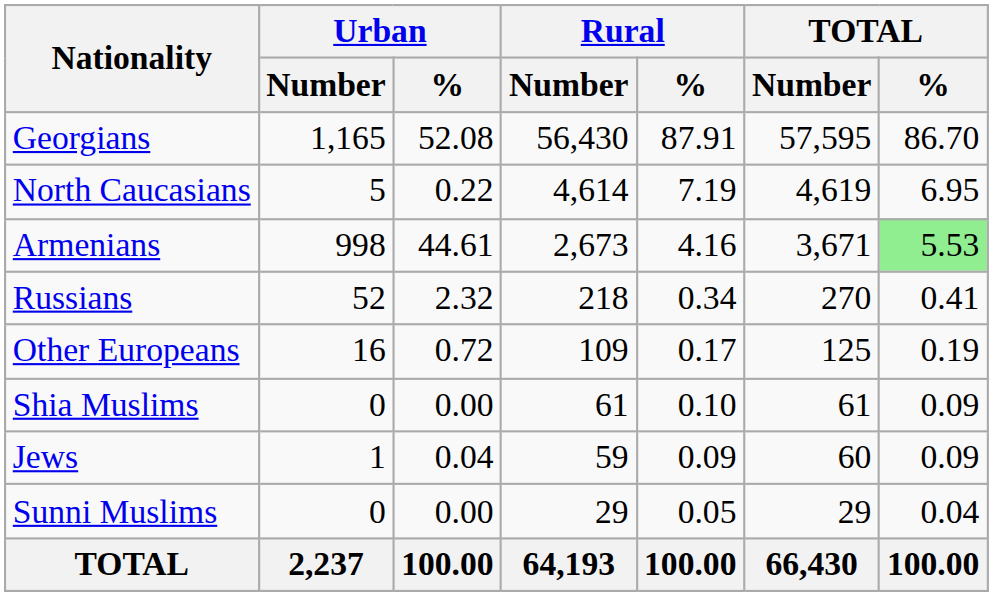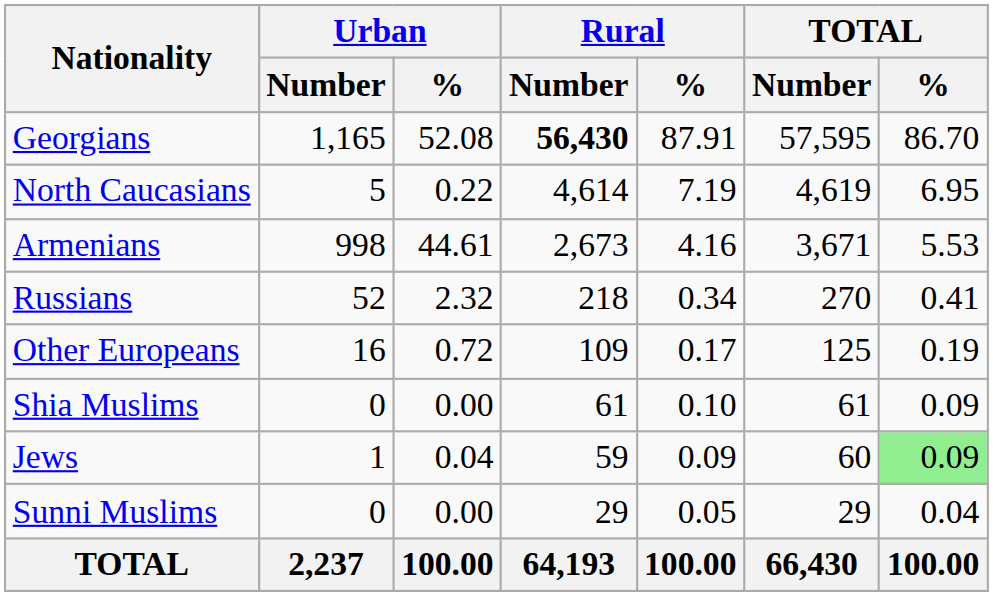 <table class="wikitable sortable">
 <tr>
 <th rowspan="2">Nationality</th>
 <th colspan="2"><a href='#'>Urban</a></th>
 <th colspan="2"><a href='#'>Rural</a></th>
 <th colspan="2">TOTAL</th>
 </tr>
 <tr>
 <th>Number</th>
 <th>%</th>
 <th>Number</th>
 <th>%</th>
 <th>Number</th>
 <th>%</th>
 </tr>
 <tr>
 <td><a href='#'>Georgians</a></td>
 <td align="right">1,165</td>
 <td align="right">52.08</td>
-<td align="right">56,430</td>
+<td align="right"><strong>56,430</strong></td>
 <td align="right">87.91</td>
 <td align="right">57,595</td>
 <td align="right">86.70</td>
 </tr>
 <tr>
 <td><a href='#'>North Caucasians</a></td>
 <td align="right">5</td>
 <td align="right">0.22</td>
 <td align="right">4,614</td>
 <td align="right">7.19</td>
 <td align="right">4,619</td>
 <td align="right">6.95</td>
 </tr>
 <tr>
 <td><a href='#'>Armenians</a></td>
 <td align="right">998</td>
 <td align="right">44.61</td>
 <td align="right">2,673</td>
 <td align="right">4.16</td>
 <td align="right">3,671</td>
-<td align="right" style="background: lightgreen;">5.53</td>
+<td align="right">5.53</td>
 </tr>
 <tr>
 <td><a href='#'>Russians</a></td>
 <td align="right">52</td>
 <td align="right">2.32</td>
 <td align="right">218</td>
 <td align="right">0.34</td>
 <td align="right">270</td>
 <td align="right">0.41</td>
 </tr>
 <tr>
 <td><a href='#'>Other Europeans</a></td>
 <td align="right">16</td>
 <td align="right">0.72</td>
 <td align="right">109</td>
 <td align="right">0.17</td>
 <td align="right">125</td>
 <td align="right">0.19</td>
 </tr>
 <tr>
 <td><a href='#'>Shia Muslims</a></td>
 <td align="right">0</td>
 <td align="right">0.00</td>
 <td align="right">61</td>
 <td align="right">0.10</td>
 <td align="right">61</td>
 <td align="right">0.09</td>
 </tr>
 <tr>
 <td><a href='#'>Jews</a></td>
 <td align="right">1</td>
 <td align="right">0.04</td>
 <td align="right">59</td>
 <td align="right">0.09</td>
 <td align="right">60</td>
-<td align="right">0.09</td>
+<td align="right" style="background: lightgreen;">0.09</td>
 </tr>
 <tr>
 <td><a href='#'>Sunni Muslims</a></td>
 <td align="right">0</td>
 <td align="right">0.00</td>
 <td align="right">29</td>
 <td align="right">0.05</td>
 <td align="right">29</td>
 <td align="right">0.04</td>
 </tr>
 <tr>
 <th>TOTAL</th>
 <th>2,237</th>
 <th>100.00</th>
 <th>64,193</th>
 <th>100.00</th>
 <th><strong>66,430</strong></th>
 <th>100.00</th>
 </tr>
 </table>
